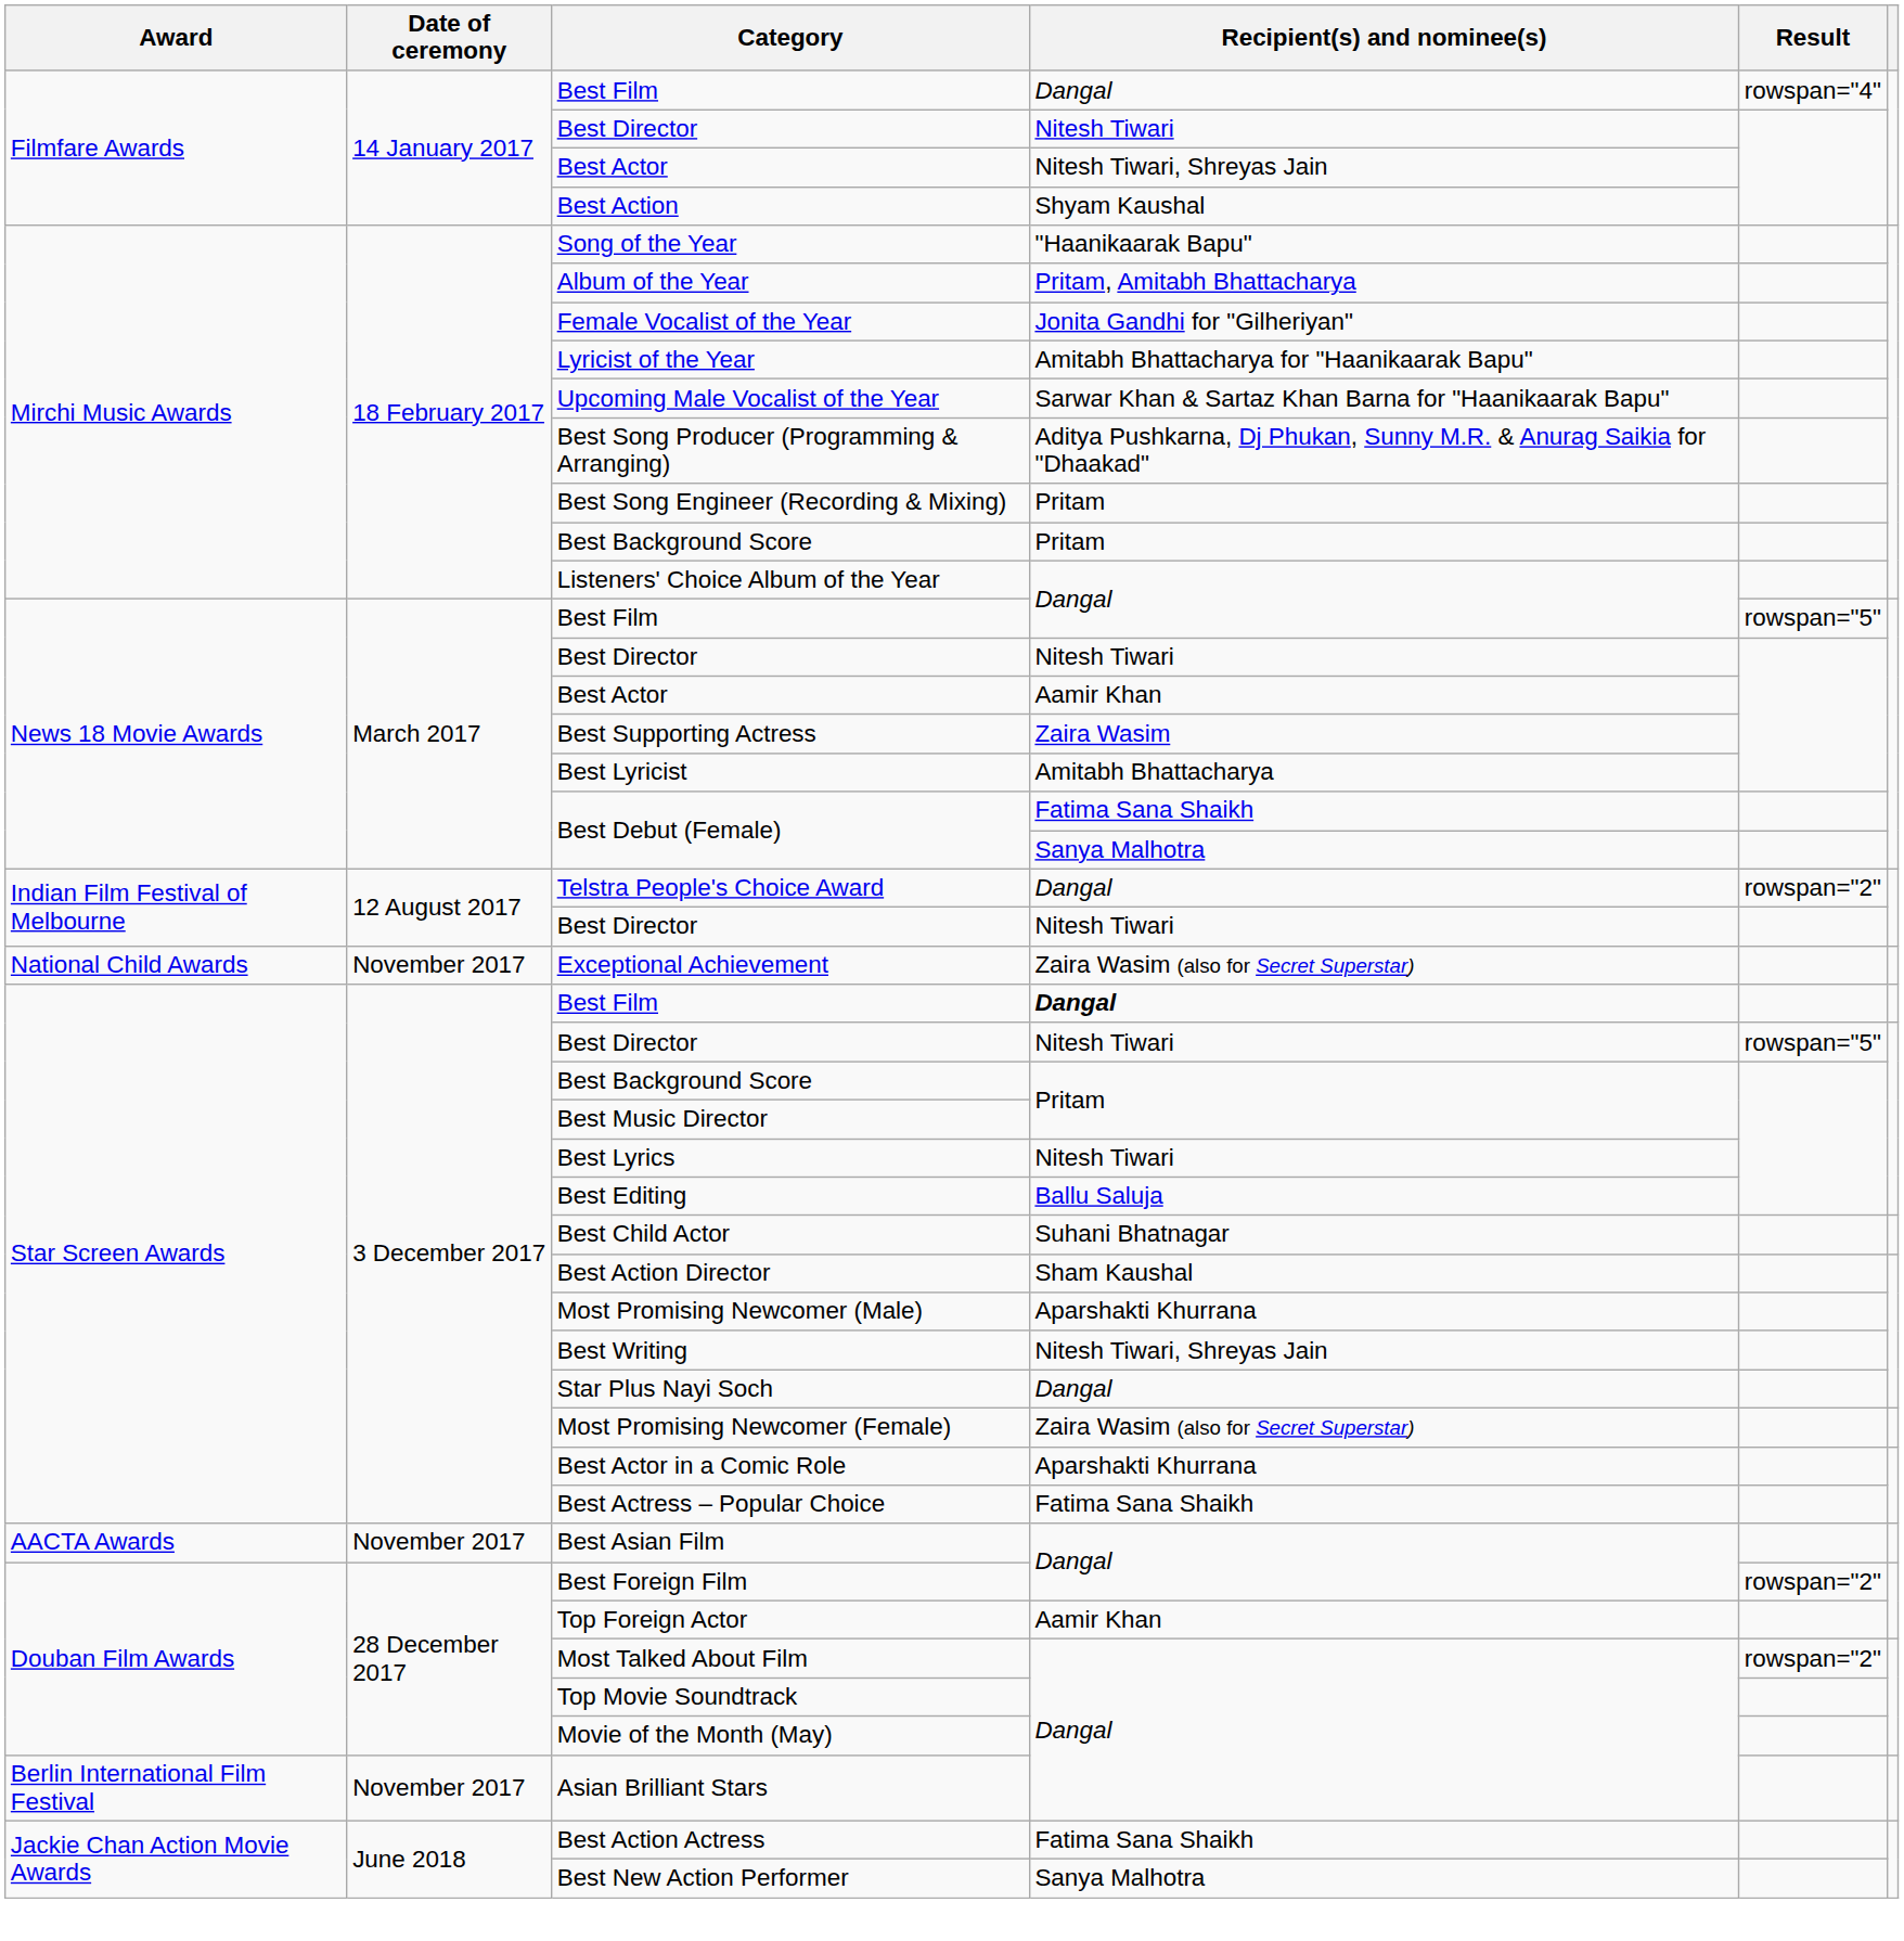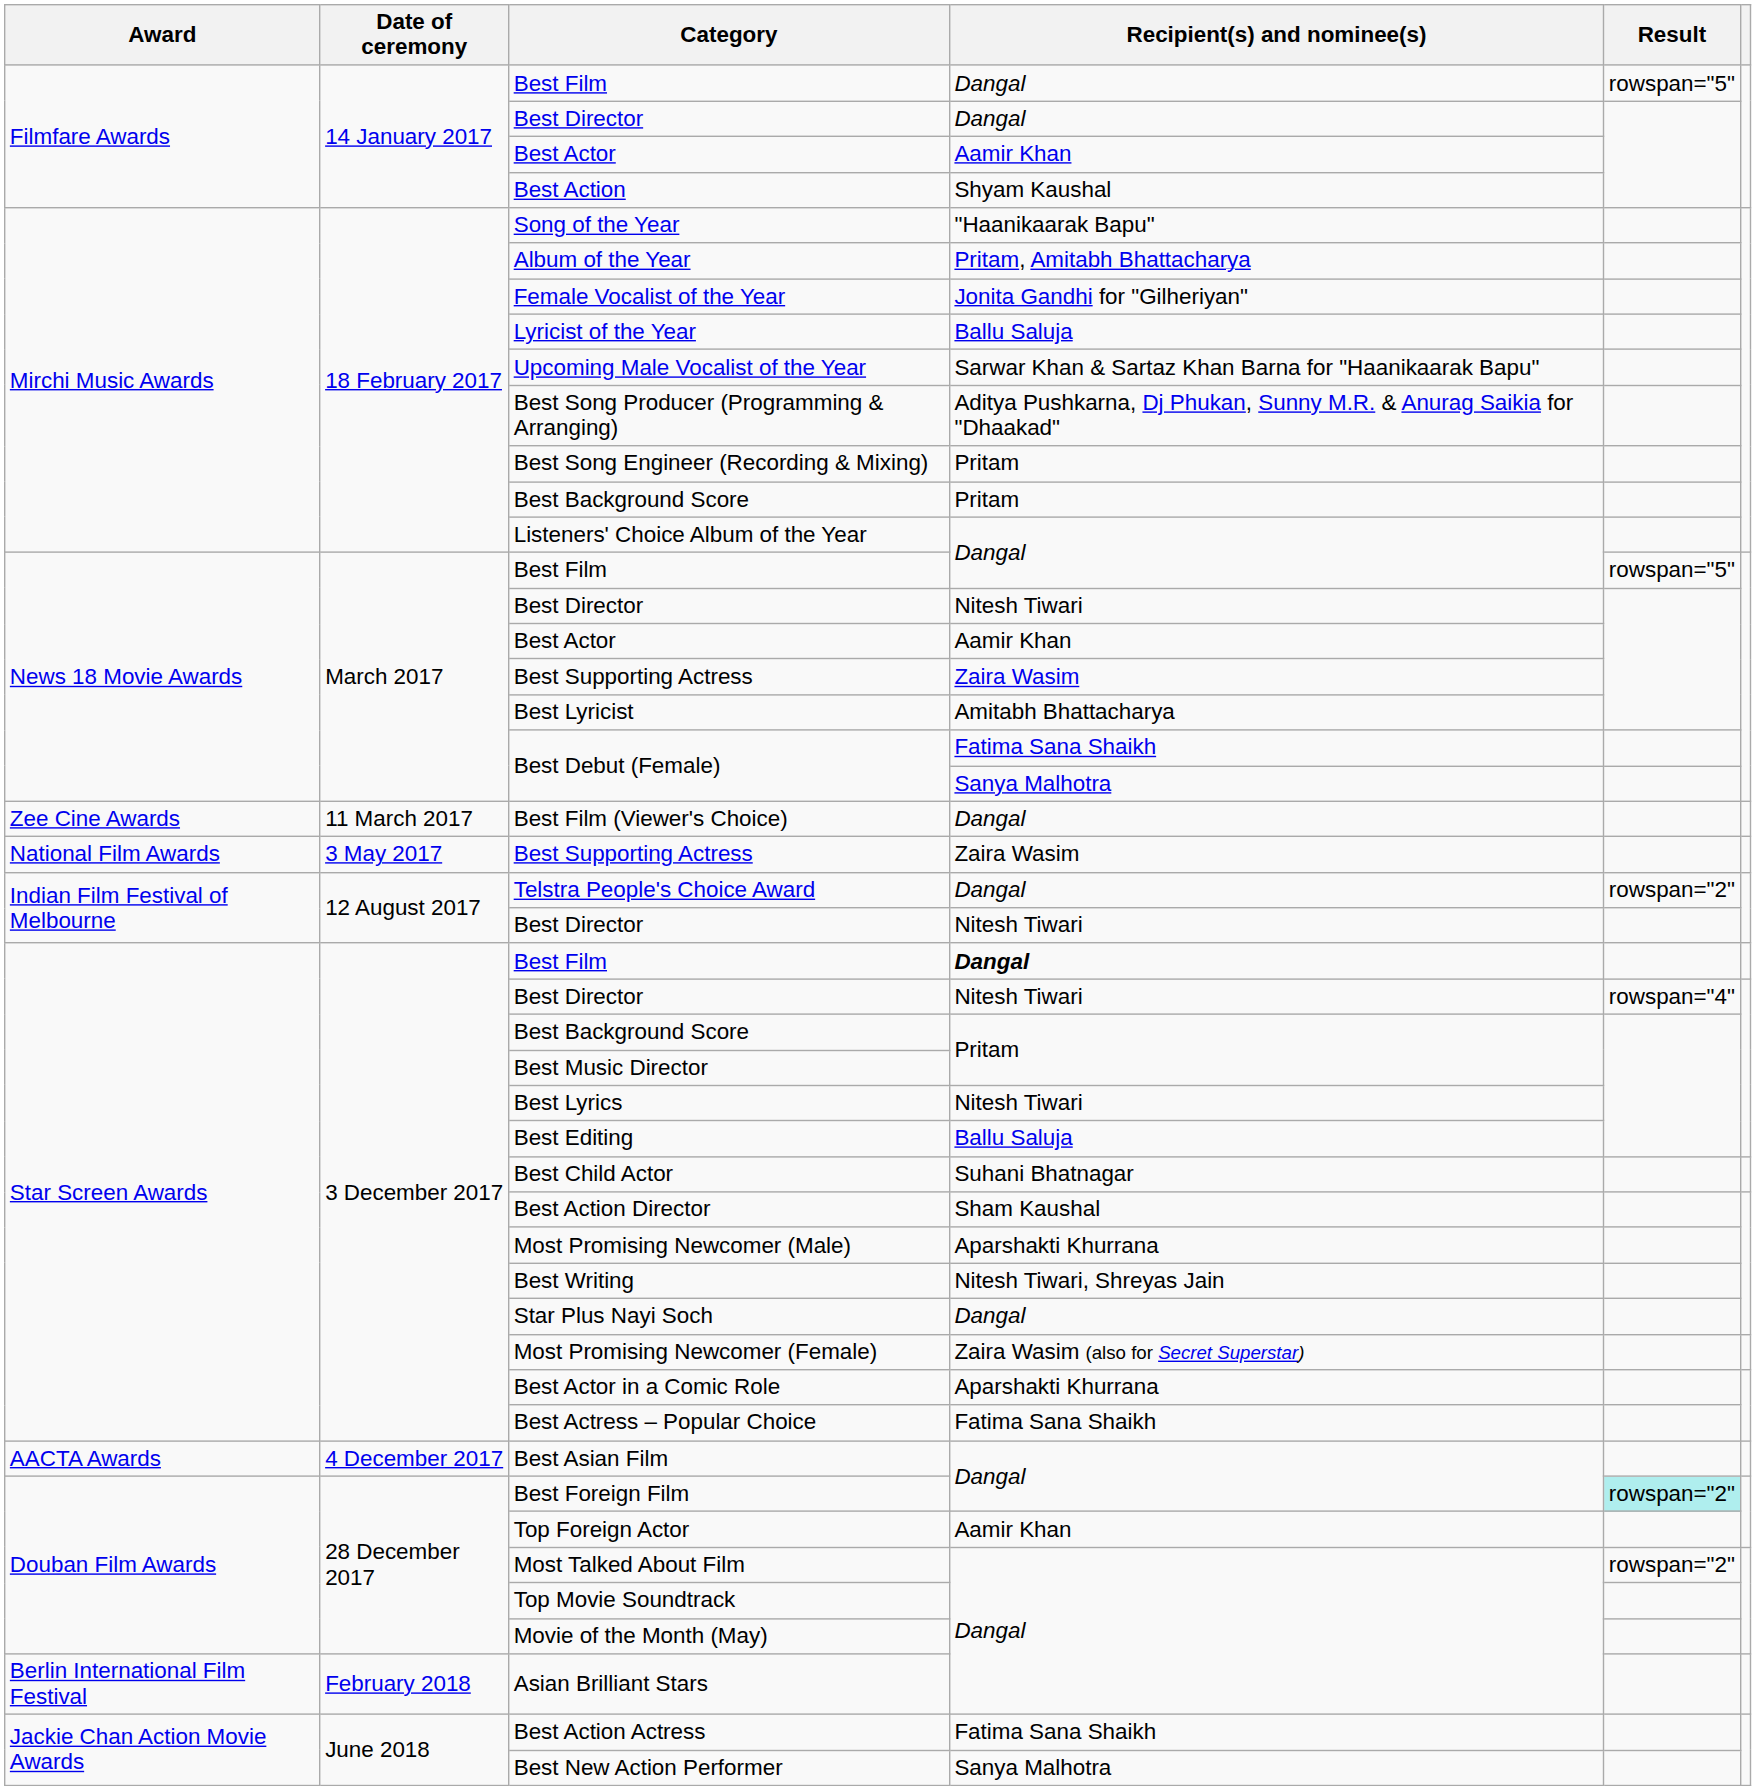 <table class="wikitable plainrowheaders sortable">
 <tr>
 <th scope="col">Award</th>
 <th scope="col">Date of ceremony</th>
 <th scope="col">Category</th>
 <th scope="col">Recipient(s) and nominee(s)</th>
 <th scope="col">Result</th>
 <th scope="col" class="unsortable"></th>
 </tr>
 <tr>
 <td rowspan="4" scope="row"><a href='#'>Filmfare Awards</a></td>
 <td rowspan="4"><a href='#'>14 January 2017</a></td>
 <td><a href='#'>Best Film</a></td>
 <td><em>Dangal</em></td>
-<td>rowspan="4" </td>
+<td>rowspan="5" </td>
 <td style="text-align:center;" rowspan="4"></td>
 </tr>
 <tr>
 <td><a href='#'>Best Director</a></td>
-<td><a href='#'>Nitesh Tiwari</a></td>
+<td><em>Dangal</em></td>
 </tr>
 <tr>
 <td><a href='#'>Best Actor</a></td>
-<td>Nitesh Tiwari, Shreyas Jain</td>
+<td><a href='#'>Aamir Khan</a></td>
 </tr>
 <tr>
 <td><a href='#'>Best Action</a></td>
 <td>Shyam Kaushal</td>
 </tr>
 <tr>
 <td rowspan="9" scope="row"><a href='#'>Mirchi Music Awards</a></td>
 <td rowspan="9"><a href='#'>18 February 2017</a></td>
 <td><a href='#'>Song of the Year</a></td>
 <td>"Haanikaarak Bapu"</td>
 <td></td>
 <td style="text-align:center;" rowspan="9"></td>
 </tr>
 <tr>
 <td><a href='#'>Album of the Year</a></td>
 <td><a href='#'>Pritam</a>, <a href='#'>Amitabh Bhattacharya</a></td>
 <td></td>
 </tr>
 <tr>
 <td><a href='#'>Female Vocalist of the Year</a></td>
 <td><a href='#'>Jonita Gandhi</a> for "Gilheriyan"</td>
 <td></td>
 </tr>
 <tr>
 <td><a href='#'>Lyricist of the Year</a></td>
-<td>Amitabh Bhattacharya for "Haanikaarak Bapu"</td>
+<td><a href='#'>Ballu Saluja</a></td>
 <td></td>
 </tr>
 <tr>
 <td><a href='#'>Upcoming Male Vocalist of the Year</a></td>
 <td>Sarwar Khan & Sartaz Khan Barna for "Haanikaarak Bapu"</td>
 <td></td>
 </tr>
 <tr>
 <td>Best Song Producer (Programming & Arranging)</td>
 <td>Aditya Pushkarna, <a href='#'>Dj Phukan</a>, <a href='#'>Sunny M.R.</a> & <a href='#'>Anurag Saikia</a> for "Dhaakad"</td>
 <td></td>
 </tr>
 <tr>
 <td>Best Song Engineer (Recording & Mixing)</td>
 <td>Pritam</td>
 <td></td>
 </tr>
 <tr>
 <td>Best Background Score</td>
 <td>Pritam</td>
 <td></td>
 </tr>
 <tr>
 <td>Listeners' Choice Album of the Year</td>
 <td rowspan="2"><em>Dangal</em></td>
 <td></td>
 </tr>
 <tr>
 <td rowspan="7" scope="row"><a href='#'>News 18 Movie Awards</a></td>
 <td rowspan="7">March 2017</td>
 <td>Best Film</td>
 <td>rowspan="5" </td>
 <td style="text-align:center;" rowspan="7"></td>
 </tr>
 <tr>
 <td>Best Director</td>
 <td>Nitesh Tiwari</td>
 </tr>
 <tr>
 <td>Best Actor</td>
 <td>Aamir Khan</td>
 </tr>
 <tr>
 <td>Best Supporting Actress</td>
 <td><a href='#'>Zaira Wasim</a></td>
 </tr>
 <tr>
 <td>Best Lyricist</td>
 <td>Amitabh Bhattacharya</td>
 </tr>
 <tr>
 <td rowspan="2">Best Debut (Female)</td>
 <td><a href='#'>Fatima Sana Shaikh</a></td>
 <td></td>
 </tr>
 <tr>
 <td><a href='#'>Sanya Malhotra</a></td>
 <td></td>
 </tr>
 <tr>
+<td><a href='#'>Zee Cine Awards</a></td>
+<td>11 March 2017</td>
+<td>Best Film (Viewer's Choice)</td>
+<td><em>Dangal</em></td>
+<td></td>
+<td style="text-align:center;"></td>
+</tr>
+<tr>
+<td scope="row"><a href='#'>National Film Awards</a></td>
+<td><a href='#'>3 May 2017</a></td>
+<td><a href='#'>Best Supporting Actress</a></td>
+<td>Zaira Wasim</td>
+<td></td>
+<td style="text-align:center;"></td>
+</tr>
+<tr>
 <td rowspan="2" scope="row"><a href='#'>Indian Film Festival of Melbourne</a></td>
 <td scope="row" rowspan="2">12 August 2017</td>
 <td><a href='#'>Telstra People's Choice Award</a></td>
 <td><em>Dangal</em></td>
 <td>rowspan="2" </td>
 <td rowspan="2" style="text-align:center;"></td>
 </tr>
 <tr>
 <td>Best Director</td>
 <td>Nitesh Tiwari</td>
 </tr>
 <tr>
-<td><a href='#'>National Child Awards</a></td>
-<td>November 2017</td>
-<td><a href='#'>Exceptional Achievement</a></td>
-<td>Zaira Wasim <small>(also for <em><a href='#'>Secret Superstar</a>)</em></small></td>
-<td></td>
-<td style="text-align:center;"></td>
-</tr>
-<tr>
 <td rowspan="14"><a href='#'>Star Screen Awards</a></td>
 <td rowspan="14">3 December 2017</td>
 <td><a href='#'>Best Film</a></td>
 <td><strong><em>Dangal</em></strong></td>
 <td></td>
 <td style="text-align:center;"></td>
 </tr>
 <tr>
 <td>Best Director</td>
 <td>Nitesh Tiwari</td>
-<td>rowspan="5" </td>
+<td>rowspan="4" </td>
 <td style="text-align:center;" rowspan="5"></td>
 </tr>
 <tr>
 <td>Best Background Score</td>
 <td rowspan="2">Pritam</td>
 </tr>
 <tr>
 <td>Best Music Director</td>
 </tr>
 <tr>
 <td>Best Lyrics</td>
 <td>Nitesh Tiwari</td>
 </tr>
 <tr>
 <td>Best Editing</td>
 <td><a href='#'>Ballu Saluja</a></td>
 </tr>
 <tr>
 <td>Best Child Actor</td>
 <td>Suhani Bhatnagar</td>
 <td></td>
 <td style="text-align:center;"></td>
 </tr>
 <tr>
 <td>Best Action Director</td>
 <td>Sham Kaushal</td>
 <td></td>
 <td rowspan="4" style="text-align:center;"></td>
 </tr>
 <tr>
 <td>Most Promising Newcomer (Male)</td>
 <td>Aparshakti Khurrana</td>
 <td></td>
 </tr>
 <tr>
 <td>Best Writing</td>
 <td>Nitesh Tiwari, Shreyas Jain</td>
 <td></td>
 </tr>
 <tr>
 <td>Star Plus Nayi Soch</td>
 <td><em>Dangal</em></td>
 <td></td>
 </tr>
 <tr>
 <td>Most Promising Newcomer (Female)</td>
 <td>Zaira Wasim <small>(also for <em><a href='#'>Secret Superstar</a>)</em></small></td>
 <td></td>
 <td style="text-align:center;"></td>
 </tr>
 <tr>
 <td>Best Actor in a Comic Role</td>
 <td>Aparshakti Khurrana</td>
 <td></td>
 <td rowspan="2" style="text-align:center;"></td>
 </tr>
 <tr>
 <td>Best Actress – Popular Choice</td>
 <td>Fatima Sana Shaikh</td>
 <td></td>
 </tr>
 <tr>
 <td><a href='#'>AACTA Awards</a></td>
-<td>November 2017</td>
+<td><a href='#'>4 December 2017</a></td>
 <td>Best Asian Film</td>
 <td rowspan="2"><em>Dangal</em></td>
 <td></td>
 <td style="text-align:center;"></td>
 </tr>
 <tr>
 <td rowspan="5"><a href='#'>Douban Film Awards</a></td>
 <td rowspan="5">28 December 2017</td>
 <td>Best Foreign Film</td>
-<td>rowspan="2" </td>
+<td style="background: paleturquoise;">rowspan="2" </td>
 <td rowspan="2" style="text-align:center;"></td>
 </tr>
 <tr>
 <td>Top Foreign Actor</td>
 <td>Aamir Khan</td>
 </tr>
 <tr>
 <td>Most Talked About Film</td>
 <td rowspan="4"><em>Dangal</em></td>
 <td>rowspan="2" </td>
 <td rowspan="3" style="text-align:center;"></td>
 </tr>
 <tr>
 <td>Top Movie Soundtrack</td>
 </tr>
 <tr>
 <td>Movie of the Month (May)</td>
 <td></td>
 </tr>
 <tr>
 <td><a href='#'>Berlin International Film Festival</a></td>
-<td>November 2017</td>
+<td><a href='#'>February 2018</a></td>
 <td>Asian Brilliant Stars</td>
 <td></td>
 <td style="text-align:center;"></td>
 </tr>
 <tr>
 <td rowspan="2"><a href='#'>Jackie Chan Action Movie Awards</a></td>
 <td rowspan="2">June 2018</td>
 <td>Best Action Actress</td>
 <td>Fatima Sana Shaikh</td>
 <td></td>
 <td rowspan="2" style="text-align:center;"></td>
 </tr>
 <tr>
 <td>Best New Action Performer</td>
 <td>Sanya Malhotra</td>
 <td></td>
 </tr>
 </table>
